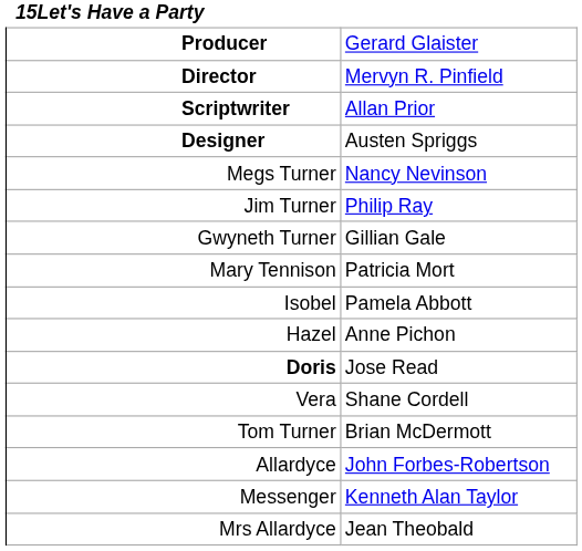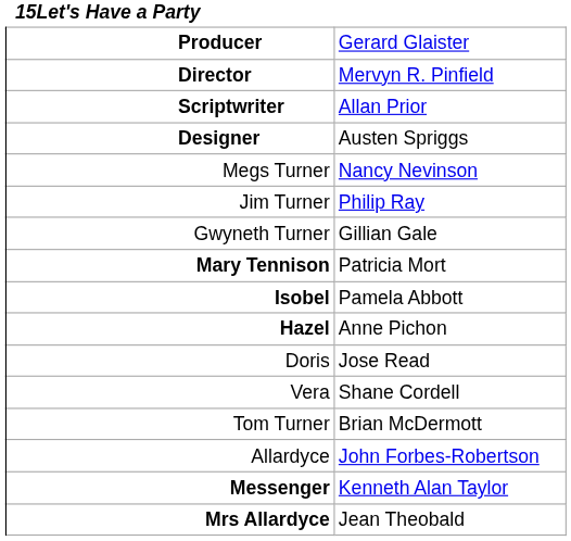 <table class="wikitable mw-collapsible mw-collapsed" style="vertical-align:top;margin:auto 2em;line-height:1.2;min-width:33em;display: inline-table;background-color:inherit;border:none;">
 <tr>
 <td class=unsortable style="border:hidden;line-height:1.67;text-align:center;margin-left:-1em;padding-left:0.5em;min-width:1.0em;"></td>
 <td class=unsortable style="border:none;padding-left:0.5em;text-align:left;min-width:16.5em;font-weight:700;font-style:italic;">15Let's Have a Party</td>
 <td class=unsortable style="border:none;text-align:right;font-weight:normal;font-family:Courier;font-size:95%;letter-spacing:-1pt;min-width:8.5em;padding-right:0.2em;"></td>
 <td class=unsortable style="border:hidden;min-width:3.5em;padding-left:0;"></td>
 <td class=unsortable style="border:hidden;min-width:3.5em;font-size:95%;"></td>
 </tr>
 <tr>
 <td rowspan=100 style="border:none thin;border-right-style :solid;"></td>
 </tr>
 <tr>
 <td style="text-align:left;padding-left:9.0em;font-weight:bold;">Producer</td>
 <td colspan=2><a href='#'>Gerard Glaister</a></td>
 </tr>
 <tr>
 <td style="text-align:left;padding-left:9.0em;font-weight:bold;">Director</td>
 <td colspan=2><a href='#'>Mervyn R. Pinfield</a></td>
 </tr>
 <tr>
 <td style="text-align:left;padding-left:9.0em;font-weight:bold;">Scriptwriter</td>
 <td colspan=2><a href='#'>Allan Prior</a></td>
 </tr>
 <tr>
 <td style="text-align:left;padding-left:9.0em;font-weight:bold;">Designer</td>
 <td colspan=2>Austen Spriggs</td>
 </tr>
 <tr>
 <td style="text-align:right;">Megs Turner</td>
 <td colspan=2><a href='#'>Nancy Nevinson</a></td>
 </tr>
 <tr>
 <td style="text-align:right;">Jim Turner</td>
 <td colspan=2><a href='#'>Philip Ray</a></td>
 </tr>
 <tr>
 <td style="text-align:right;">Gwyneth Turner</td>
 <td colspan=2>Gillian Gale</td>
 </tr>
 <tr>
-<td style="text-align:right;">Mary Tennison</td>
+<td style="text-align:right;"><strong>Mary Tennison</strong></td>
 <td colspan=2>Patricia Mort</td>
 </tr>
 <tr>
-<td style="text-align:right;">Isobel</td>
+<td style="text-align:right;"><strong>Isobel</strong></td>
 <td colspan=2>Pamela Abbott</td>
 </tr>
 <tr>
-<td style="text-align:right;">Hazel</td>
+<td style="text-align:right;"><strong>Hazel</strong></td>
 <td colspan=2>Anne Pichon</td>
 </tr>
 <tr>
-<td style="text-align:right;"><strong>Doris</strong></td>
+<td style="text-align:right;">Doris</td>
 <td colspan=2>Jose Read</td>
 </tr>
 <tr>
 <td style="text-align:right;">Vera</td>
 <td colspan=2>Shane Cordell</td>
 </tr>
 <tr>
 <td style="text-align:right;">Tom Turner</td>
 <td colspan=2>Brian McDermott</td>
 </tr>
 <tr>
 <td style="text-align:right;">Allardyce</td>
 <td colspan=2><a href='#'>John Forbes-Robertson</a></td>
 </tr>
 <tr>
-<td style="text-align:right;">Messenger</td>
+<td style="text-align:right;"><strong>Messenger</strong></td>
 <td colspan=2><a href='#'>Kenneth Alan Taylor</a></td>
 </tr>
 <tr>
-<td style="text-align:right;">Mrs Allardyce</td>
+<td style="text-align:right;"><strong>Mrs Allardyce</strong></td>
 <td colspan=2>Jean Theobald</td>
 </tr>
 </table>
